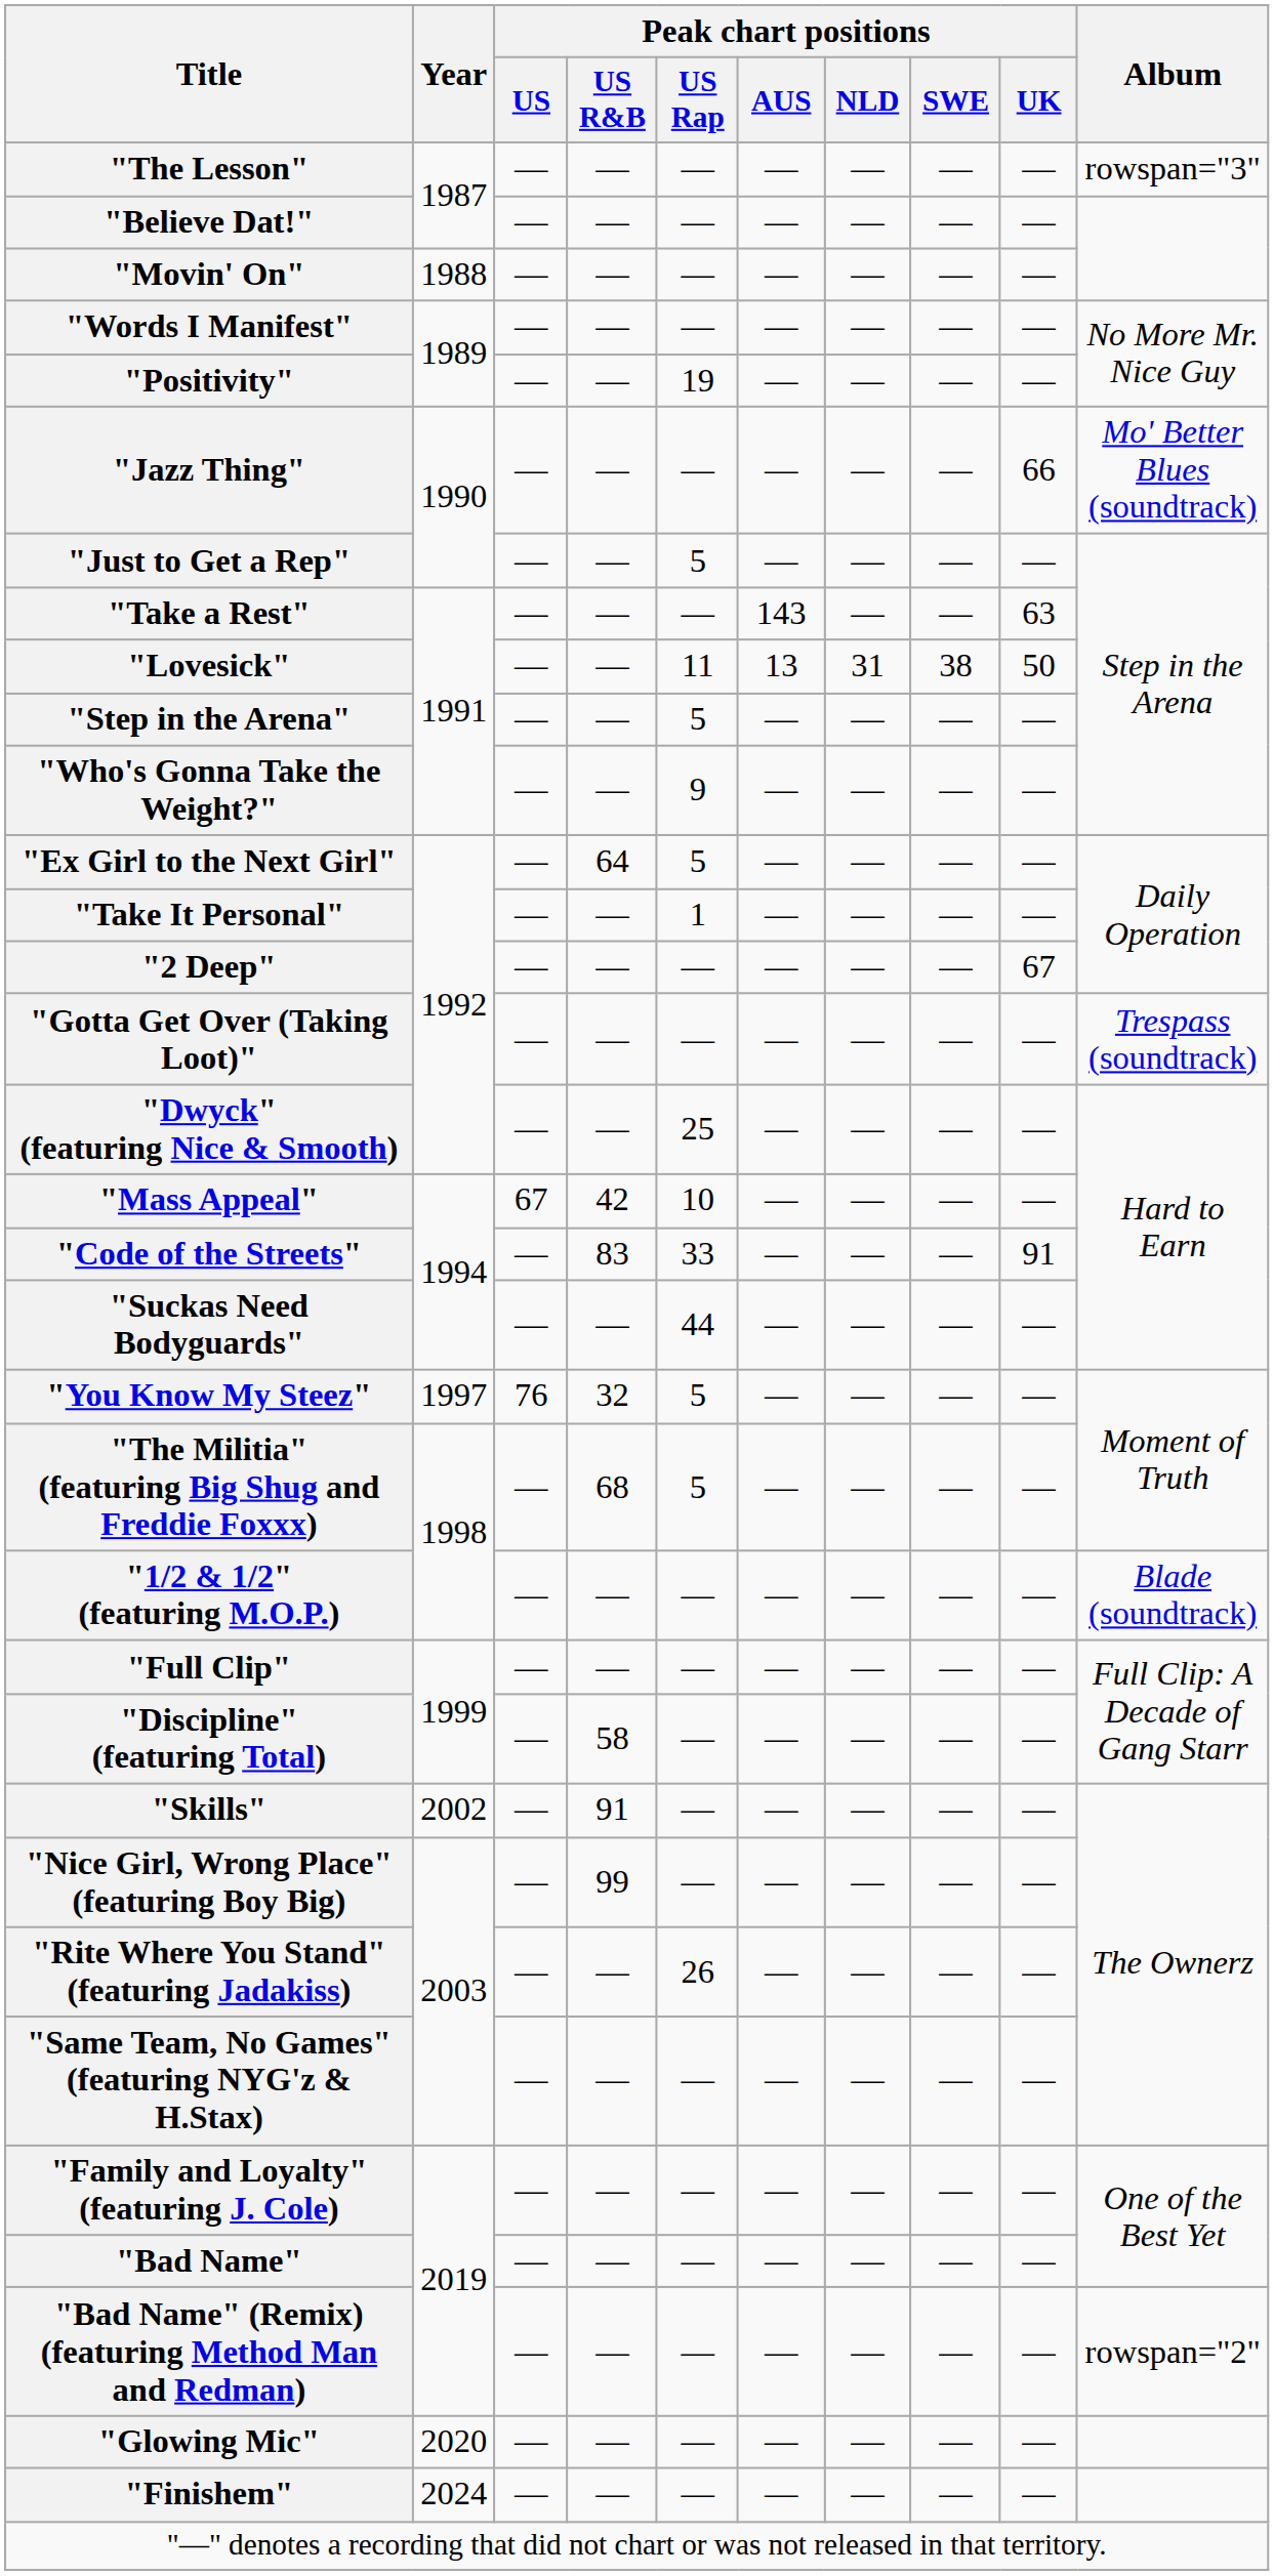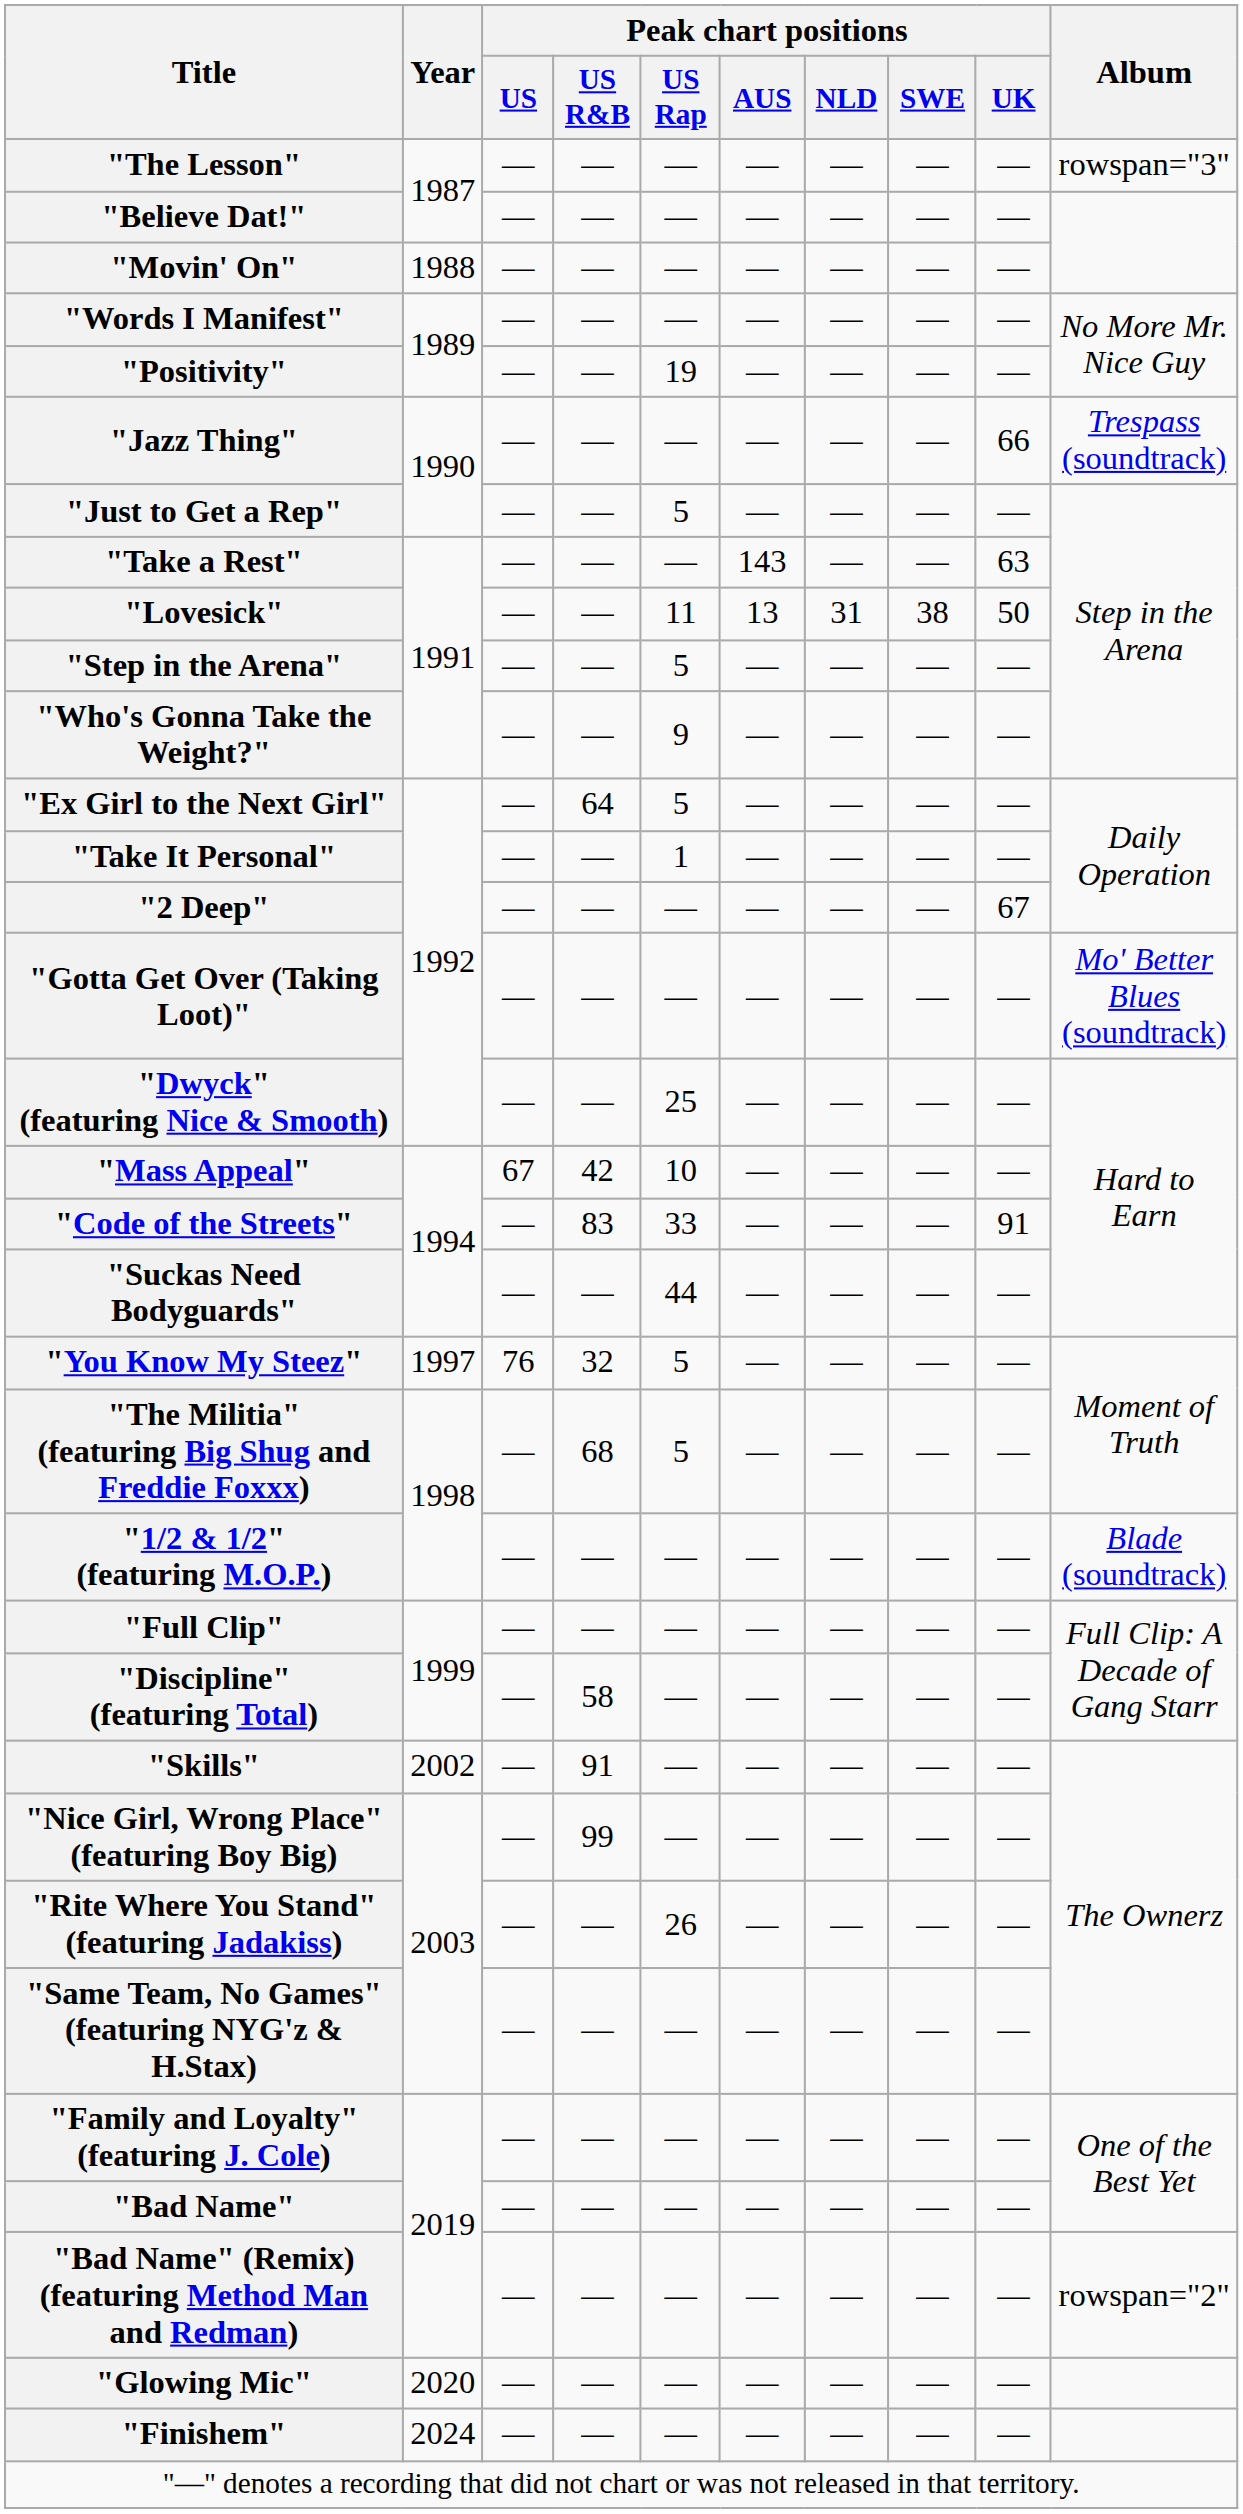 <table class="wikitable plainrowheaders" style="text-align:center;">
 <tr>
 <th scope="col" rowspan="2" style="width:20em;">Title</th>
 <th scope="col" rowspan="2">Year</th>
 <th scope="col" colspan="7">Peak chart positions</th>
 <th scope="col" rowspan="2">Album</th>
 </tr>
 <tr>
 <th scope="col" style="width:2.9em;font-size:90%;"><a href='#'>US</a><br></th>
 <th scope="col" style="width:2.9em;font-size:90%;"><a href='#'>US<br>R&B</a><br></th>
 <th scope="col" style="width:2.9em;font-size:90%;"><a href='#'>US<br>Rap</a><br></th>
 <th scope="col" style="width:2.9em;font-size:90%;"><a href='#'>AUS</a><br></th>
 <th scope="col" style="width:2.9em;font-size:90%;"><a href='#'>NLD</a><br></th>
 <th scope="col" style="width:2.9em;font-size:90%;"><a href='#'>SWE</a><br></th>
 <th scope="col" style="width:2.9em;font-size:90%;"><a href='#'>UK</a><br></th>
 </tr>
 <tr>
 <th scope="row">"The Lesson"</th>
 <td rowspan="2">1987</td>
 <td>—</td>
 <td>—</td>
 <td>—</td>
 <td>—</td>
 <td>—</td>
 <td>—</td>
 <td>—</td>
 <td>rowspan="3" </td>
 </tr>
 <tr>
 <th scope="row">"Believe Dat!"</th>
 <td>—</td>
 <td>—</td>
 <td>—</td>
 <td>—</td>
 <td>—</td>
 <td>—</td>
 <td>—</td>
 </tr>
 <tr>
 <th scope="row">"Movin' On"</th>
 <td>1988</td>
 <td>—</td>
 <td>—</td>
 <td>—</td>
 <td>—</td>
 <td>—</td>
 <td>—</td>
 <td>—</td>
 </tr>
 <tr>
 <th scope="row">"Words I Manifest"</th>
 <td rowspan="2">1989</td>
 <td>—</td>
 <td>—</td>
 <td>—</td>
 <td>—</td>
 <td>—</td>
 <td>—</td>
 <td>—</td>
 <td rowspan="2"><em>No More Mr. Nice Guy</em></td>
 </tr>
 <tr>
 <th scope="row">"Positivity"</th>
 <td>—</td>
 <td>—</td>
 <td>19</td>
 <td>—</td>
 <td>—</td>
 <td>—</td>
 <td>—</td>
 </tr>
 <tr>
 <th scope="row">"Jazz Thing"</th>
 <td rowspan="2">1990</td>
 <td>—</td>
 <td>—</td>
 <td>—</td>
 <td>—</td>
 <td>—</td>
 <td>—</td>
 <td>66</td>
-<td><a href='#'><em>Mo' Better Blues</em> (soundtrack)</a></td>
+<td><a href='#'><em>Trespass</em> (soundtrack)</a></td>
 </tr>
 <tr>
 <th scope="row">"Just to Get a Rep"</th>
 <td>—</td>
 <td>—</td>
 <td>5</td>
 <td>—</td>
 <td>—</td>
 <td>—</td>
 <td>—</td>
 <td rowspan="5"><em>Step in the Arena</em></td>
 </tr>
 <tr>
 <th scope="row">"Take a Rest"</th>
 <td rowspan="4">1991</td>
 <td>—</td>
 <td>—</td>
 <td>—</td>
 <td>143</td>
 <td>—</td>
 <td>—</td>
 <td>63</td>
 </tr>
 <tr>
 <th scope="row">"Lovesick"</th>
 <td>—</td>
 <td>—</td>
 <td>11</td>
 <td>13</td>
 <td>31</td>
 <td>38</td>
 <td>50</td>
 </tr>
 <tr>
 <th scope="row">"Step in the Arena"</th>
 <td>—</td>
 <td>—</td>
 <td>5</td>
 <td>—</td>
 <td>—</td>
 <td>—</td>
 <td>—</td>
 </tr>
 <tr>
 <th scope="row">"Who's Gonna Take the Weight?"</th>
 <td>—</td>
 <td>—</td>
 <td>9</td>
 <td>—</td>
 <td>—</td>
 <td>—</td>
 <td>—</td>
 </tr>
 <tr>
 <th scope="row">"Ex Girl to the Next Girl"</th>
 <td rowspan="5">1992</td>
 <td>—</td>
 <td>64</td>
 <td>5</td>
 <td>—</td>
 <td>—</td>
 <td>—</td>
 <td>—</td>
 <td rowspan="3"><em>Daily Operation</em></td>
 </tr>
 <tr>
 <th scope="row">"Take It Personal"</th>
 <td>—</td>
 <td>—</td>
 <td>1</td>
 <td>—</td>
 <td>—</td>
 <td>—</td>
 <td>—</td>
 </tr>
 <tr>
 <th scope="row">"2 Deep"</th>
 <td>—</td>
 <td>—</td>
 <td>—</td>
 <td>—</td>
 <td>—</td>
 <td>—</td>
 <td>67</td>
 </tr>
 <tr>
 <th scope="row">"Gotta Get Over (Taking Loot)"</th>
 <td>—</td>
 <td>—</td>
 <td>—</td>
 <td>—</td>
 <td>—</td>
 <td>—</td>
 <td>—</td>
-<td><a href='#'><em>Trespass</em> (soundtrack)</a></td>
+<td><a href='#'><em>Mo' Better Blues</em> (soundtrack)</a></td>
 </tr>
 <tr>
 <th scope="row">"<a href='#'>Dwyck</a>"<br><span>(featuring <a href='#'>Nice & Smooth</a>)</span></th>
 <td>—</td>
 <td>—</td>
 <td>25</td>
 <td>—</td>
 <td>—</td>
 <td>—</td>
 <td>—</td>
 <td rowspan="4"><em>Hard to Earn</em></td>
 </tr>
 <tr>
 <th scope="row">"<a href='#'>Mass Appeal</a>"</th>
 <td rowspan="3">1994</td>
 <td>67</td>
 <td>42</td>
 <td>10</td>
 <td>—</td>
 <td>—</td>
 <td>—</td>
 <td>—</td>
 </tr>
 <tr>
 <th scope="row">"<a href='#'>Code of the Streets</a>"</th>
 <td>—</td>
 <td>83</td>
 <td>33</td>
 <td>—</td>
 <td>—</td>
 <td>—</td>
 <td>91</td>
 </tr>
 <tr>
 <th scope="row">"Suckas Need Bodyguards"</th>
 <td>—</td>
 <td>—</td>
 <td>44</td>
 <td>—</td>
 <td>—</td>
 <td>—</td>
 <td>—</td>
 </tr>
 <tr>
 <th scope="row">"<a href='#'>You Know My Steez</a>"</th>
 <td>1997</td>
 <td>76</td>
 <td>32</td>
 <td>5</td>
 <td>—</td>
 <td>—</td>
 <td>—</td>
 <td>—</td>
 <td rowspan="2"><em>Moment of Truth</em></td>
 </tr>
 <tr>
 <th scope="row">"The Militia"<br><span>(featuring <a href='#'>Big Shug</a> and <a href='#'>Freddie Foxxx</a>)</span></th>
 <td rowspan="2">1998</td>
 <td>—</td>
 <td>68</td>
 <td>5</td>
 <td>—</td>
 <td>—</td>
 <td>—</td>
 <td>—</td>
 </tr>
 <tr>
 <th scope="row">"<a href='#'>1/2 & 1/2</a>"<br><span>(featuring <a href='#'>M.O.P.</a>)</span></th>
 <td>—</td>
 <td>—</td>
 <td>—</td>
 <td>—</td>
 <td>—</td>
 <td>—</td>
 <td>—</td>
 <td><a href='#'><em>Blade</em> (soundtrack)</a></td>
 </tr>
 <tr>
 <th scope="row">"Full Clip"</th>
 <td rowspan="2">1999</td>
 <td>—</td>
 <td>—</td>
 <td>—</td>
 <td>—</td>
 <td>—</td>
 <td>—</td>
 <td>—</td>
 <td rowspan="2"><em>Full Clip: A Decade of Gang Starr</em></td>
 </tr>
 <tr>
 <th scope="row">"Discipline"<br><span>(featuring <a href='#'>Total</a>)</span></th>
 <td>—</td>
 <td>58</td>
 <td>—</td>
 <td>—</td>
 <td>—</td>
 <td>—</td>
 <td>—</td>
 </tr>
 <tr>
 <th scope="row">"Skills"</th>
 <td>2002</td>
 <td>—</td>
 <td>91</td>
 <td>—</td>
 <td>—</td>
 <td>—</td>
 <td>—</td>
 <td>—</td>
 <td rowspan="4"><em>The Ownerz</em></td>
 </tr>
 <tr>
 <th scope="row">"Nice Girl, Wrong Place"<br><span>(featuring Boy Big)</span></th>
 <td rowspan="3">2003</td>
 <td>—</td>
 <td>99</td>
 <td>—</td>
 <td>—</td>
 <td>—</td>
 <td>—</td>
 <td>—</td>
 </tr>
 <tr>
 <th scope="row">"Rite Where You Stand"<br><span>(featuring <a href='#'>Jadakiss</a>)</span></th>
 <td>—</td>
 <td>—</td>
 <td>26</td>
 <td>—</td>
 <td>—</td>
 <td>—</td>
 <td>—</td>
 </tr>
 <tr>
 <th scope="row">"Same Team, No Games"<br><span>(featuring NYG'z & H.Stax)</span></th>
 <td>—</td>
 <td>—</td>
 <td>—</td>
 <td>—</td>
 <td>—</td>
 <td>—</td>
 <td>—</td>
 </tr>
 <tr>
 <th scope="row">"Family and Loyalty"<br><span>(featuring <a href='#'>J. Cole</a>)</span></th>
 <td rowspan="3">2019</td>
 <td>—</td>
 <td>—</td>
 <td>—</td>
 <td>—</td>
 <td>—</td>
 <td>—</td>
 <td>—</td>
 <td rowspan="2"><em>One of the Best Yet</em></td>
 </tr>
 <tr>
 <th scope="row">"Bad Name"</th>
 <td>—</td>
 <td>—</td>
 <td>—</td>
 <td>—</td>
 <td>—</td>
 <td>—</td>
 <td>—</td>
 </tr>
 <tr>
 <th scope="row">"Bad Name" (Remix)<br><span>(featuring <a href='#'>Method Man</a> and <a href='#'>Redman</a>)</span></th>
 <td>—</td>
 <td>—</td>
 <td>—</td>
 <td>—</td>
 <td>—</td>
 <td>—</td>
 <td>—</td>
 <td>rowspan="2" </td>
 </tr>
 <tr>
 <th scope="row">"Glowing Mic"</th>
 <td rowspan>2020</td>
 <td>—</td>
 <td>—</td>
 <td>—</td>
 <td>—</td>
 <td>—</td>
 <td>—</td>
 <td>—</td>
 </tr>
 <tr>
 <th scope="row">"Finishem"</th>
 <td>2024</td>
 <td>—</td>
 <td>—</td>
 <td>—</td>
 <td>—</td>
 <td>—</td>
 <td>—</td>
 <td>—</td>
 <td></td>
 </tr>
 <tr>
 <td colspan="14" style="font-size:90%">"—" denotes a recording that did not chart or was not released in that territory.</td>
 </tr>
 </table>
